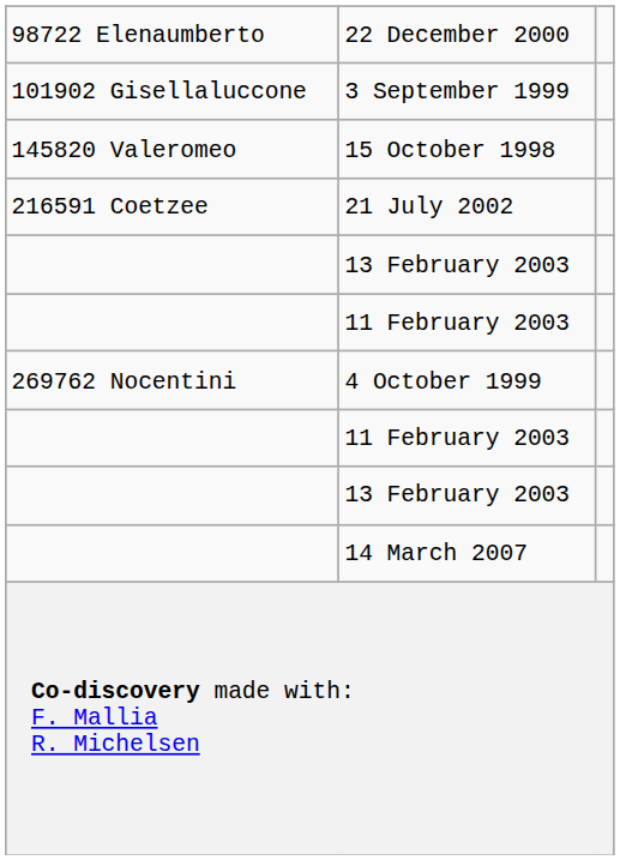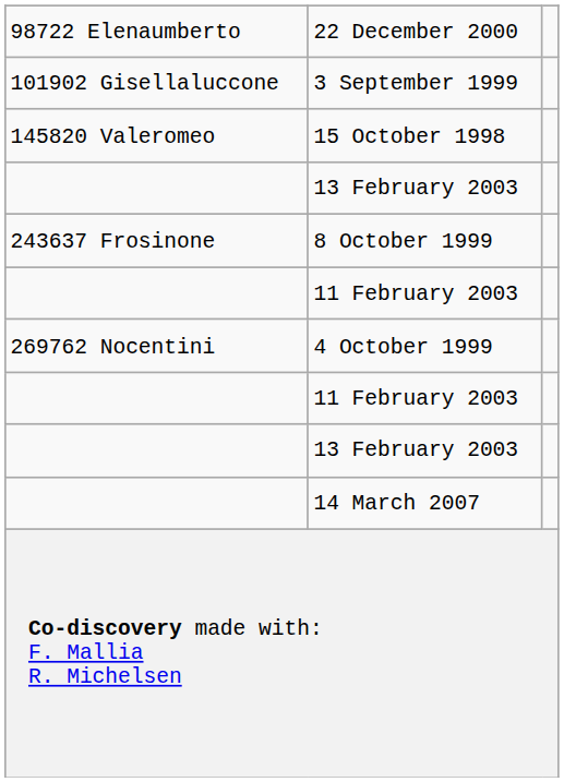 <table class="wikitable" style="font-size: 89%; float: left; width: 26em; margin-right: 1em; height: 420px;">
 <tr>
 <td>98722 Elenaumberto</td>
 <td>22 December 2000</td>
 <td></td>
 </tr>
 <tr>
 <td>101902 Gisellaluccone</td>
 <td>3 September 1999</td>
 <td></td>
 </tr>
 <tr>
 <td>145820 Valeromeo</td>
 <td>15 October 1998</td>
 <td></td>
 </tr>
 <tr>
-<td>216591 Coetzee</td>
-<td>21 July 2002</td>
-<td></td>
-</tr>
-<tr>
 <td></td>
 <td>13 February 2003</td>
 <td> </td>
+</tr>
+<tr>
+<td>243637 Frosinone</td>
+<td>8 October 1999</td>
+<td></td>
 </tr>
 <tr>
 <td></td>
 <td>11 February 2003</td>
 <td> </td>
 </tr>
 <tr>
 <td>269762 Nocentini</td>
 <td>4 October 1999</td>
 <td></td>
 </tr>
 <tr>
 <td></td>
 <td>11 February 2003</td>
 <td> </td>
 </tr>
 <tr>
 <td></td>
 <td>13 February 2003</td>
 <td> </td>
 </tr>
 <tr>
 <td></td>
 <td>14 March 2007</td>
 <td></td>
 </tr>
 <tr>
 <th colspan=3 style="font-weight: normal; text-align: left; padding: 24px 12px;"><strong>Co-discovery</strong> made with:<br> <a href='#'>F. Mallia</a><br> <a href='#'>R. Michelsen</a></th>
 </tr>
 </table>
